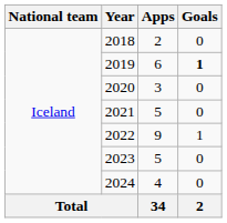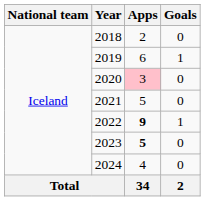 <table class="wikitable" style="text-align:center">
 <tr>
 <th>National team</th>
 <th>Year</th>
 <th>Apps</th>
 <th>Goals</th>
 </tr>
 <tr>
 <td rowspan="7"><a href='#'>Iceland</a></td>
 <td>2018</td>
 <td>2</td>
 <td>0</td>
 </tr>
 <tr>
 <td>2019</td>
 <td>6</td>
-<td><strong>1</strong></td>
+<td>1</td>
 </tr>
 <tr>
 <td>2020</td>
-<td>3</td>
+<td style="background: pink;">3</td>
 <td>0</td>
 </tr>
 <tr>
 <td>2021</td>
 <td>5</td>
 <td>0</td>
 </tr>
 <tr>
 <td>2022</td>
-<td>9</td>
+<td><strong>9</strong></td>
 <td>1</td>
 </tr>
 <tr>
 <td>2023</td>
-<td>5</td>
+<td><strong>5</strong></td>
 <td>0</td>
 </tr>
 <tr>
 <td>2024</td>
 <td>4</td>
 <td>0</td>
 </tr>
 <tr>
 <th colspan="2">Total</th>
 <th>34</th>
 <th>2</th>
 </tr>
 </table>
